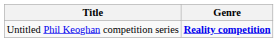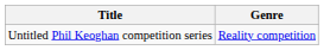 <table class="wikitable sortable">
 <tr>
 <th>Title</th>
 <th>Genre</th>
 </tr>
 <tr>
 <td>Untitled <a href='#'>Phil Keoghan</a> competition series</td>
-<td><strong><a href='#'>Reality competition</a></strong></td>
+<td><a href='#'>Reality competition</a></td>
 </tr>
 </table>
